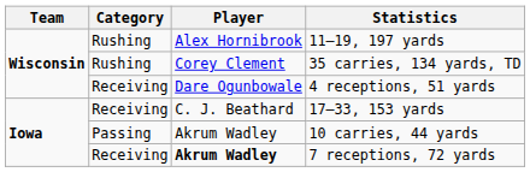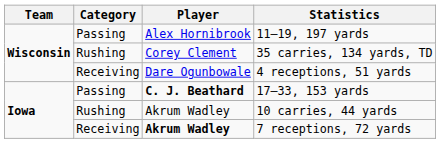 <table class="wikitable" style="float: left;">
 <tr>
 <th>Team</th>
 <th>Category</th>
 <th>Player</th>
 <th>Statistics</th>
 </tr>
 <tr>
 <td rowspan=3><strong>Wisconsin</strong></td>
-<td>Rushing</td>
+<td>Passing</td>
 <td><a href='#'>Alex Hornibrook</a></td>
 <td>11–19, 197 yards</td>
 </tr>
 <tr>
 <td>Rushing</td>
 <td><a href='#'>Corey Clement</a></td>
 <td>35 carries, 134 yards, TD</td>
 </tr>
 <tr>
 <td>Receiving</td>
 <td><a href='#'>Dare Ogunbowale</a></td>
 <td>4 receptions, 51 yards</td>
 </tr>
 <tr>
 <td rowspan=3><strong>Iowa</strong></td>
-<td>Receiving</td>
-<td>C. J. Beathard</td>
+<td>Passing</td>
+<td><strong>C. J. Beathard</strong></td>
 <td>17–33, 153 yards</td>
 </tr>
 <tr>
-<td>Passing</td>
+<td>Rushing</td>
 <td>Akrum Wadley</td>
 <td>10 carries, 44 yards</td>
 </tr>
 <tr>
 <td>Receiving</td>
 <td><strong>Akrum Wadley</strong></td>
 <td>7 receptions, 72 yards</td>
 </tr>
 </table>
